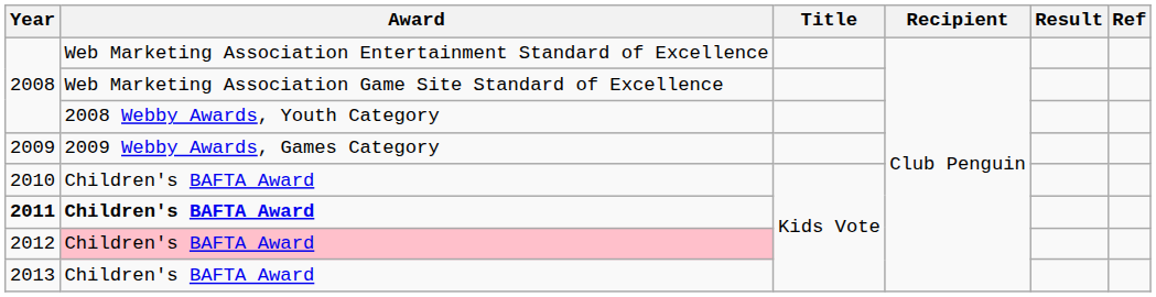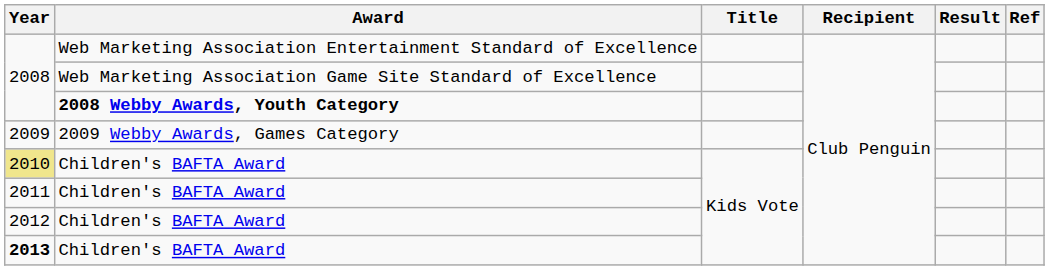 <table class="wikitable" style="font-size:90%;">
 <tr>
 <th>Year</th>
 <th>Award</th>
 <th>Title</th>
 <th>Recipient</th>
 <th>Result</th>
 <th>Ref</th>
 </tr>
 <tr>
 <td rowspan="3">2008</td>
 <td>Web Marketing Association Entertainment Standard of Excellence</td>
 <td></td>
 <td rowspan="8">Club Penguin</td>
 <td></td>
 <td></td>
 </tr>
 <tr>
 <td>Web Marketing Association Game Site Standard of Excellence</td>
 <td></td>
 <td></td>
 <td></td>
 </tr>
 <tr>
-<td>2008 <a href='#'>Webby Awards</a>, Youth Category</td>
+<td><strong>2008 <a href='#'>Webby Awards</a>, Youth Category</strong></td>
 <td></td>
 <td></td>
 <td></td>
 </tr>
 <tr>
 <td>2009</td>
 <td>2009 <a href='#'>Webby Awards</a>, Games Category</td>
 <td></td>
 <td></td>
 <td></td>
 </tr>
 <tr>
-<td>2010</td>
+<td style="background: khaki;">2010</td>
 <td>Children's <a href='#'>BAFTA Award</a></td>
 <td rowspan="4">Kids Vote</td>
 <td></td>
 <td></td>
 </tr>
 <tr>
-<td><strong>2011</strong></td>
-<td><strong>Children's <a href='#'>BAFTA Award</a></strong></td>
+<td>2011</td>
+<td>Children's <a href='#'>BAFTA Award</a></td>
 <td></td>
 <td></td>
 </tr>
 <tr>
 <td>2012</td>
-<td style="background: pink;">Children's <a href='#'>BAFTA Award</a></td>
+<td>Children's <a href='#'>BAFTA Award</a></td>
 <td></td>
 <td></td>
 </tr>
 <tr>
-<td>2013</td>
+<td><strong>2013</strong></td>
 <td>Children's <a href='#'>BAFTA Award</a></td>
 <td></td>
 <td></td>
 </tr>
 </table>
